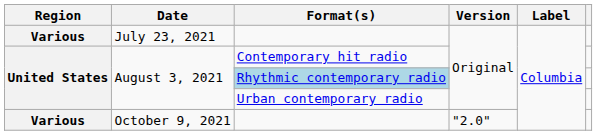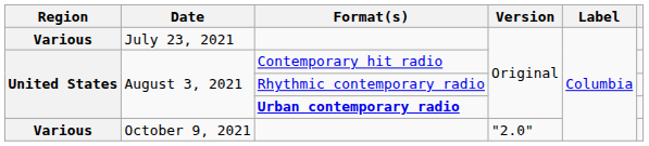 <table class="wikitable plainrowheaders">
 <tr>
 <th scope="col">Region</th>
 <th scope="col">Date</th>
 <th scope="col">Format(s)</th>
 <th scope="col">Version</th>
 <th scope="col">Label</th>
 <th scope="col"></th>
 </tr>
 <tr>
 <th scope="row">Various</th>
 <td>July 23, 2021</td>
 <td></td>
 <td rowspan="4">Original</td>
 <td rowspan="5"><a href='#'>Columbia</a></td>
 <td align="center"></td>
 </tr>
 <tr>
 <th scope="row" rowspan="3">United States</th>
 <td rowspan="3">August 3, 2021</td>
 <td><a href='#'>Contemporary hit radio</a></td>
 <td align="center"></td>
 </tr>
 <tr>
-<td style="background: lightblue;"><a href='#'>Rhythmic contemporary radio</a></td>
+<td><a href='#'>Rhythmic contemporary radio</a></td>
 <td align="center"></td>
 </tr>
 <tr>
-<td><a href='#'>Urban contemporary radio</a></td>
+<td><strong><a href='#'>Urban contemporary radio</a></strong></td>
 <td align="center"></td>
 </tr>
 <tr>
 <th scope="row">Various</th>
 <td>October 9, 2021</td>
 <td></td>
 <td>"2.0"</td>
 <td align="center"></td>
 </tr>
 </table>
